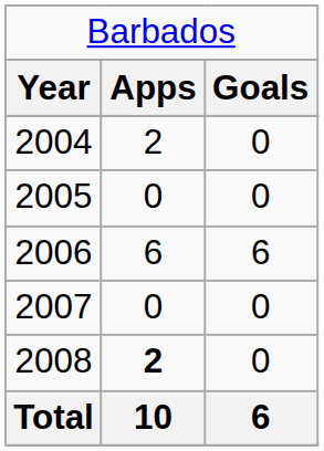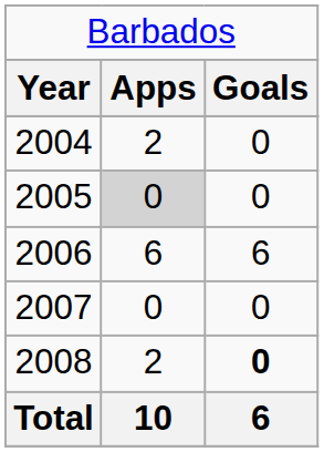 <table class="wikitable" style="text-align:center">
 <tr>
 <td colspan=3><a href='#'>Barbados</a></td>
 </tr>
 <tr>
 <th>Year</th>
 <th>Apps</th>
 <th>Goals</th>
 </tr>
 <tr>
 </tr>
 <tr>
 <td>2004</td>
 <td>2</td>
 <td>0</td>
 </tr>
 <tr>
 <td>2005</td>
-<td>0</td>
+<td style="background: lightgrey;">0</td>
 <td>0</td>
 </tr>
 <tr>
 <td>2006</td>
 <td>6</td>
 <td>6</td>
 </tr>
 <tr>
 <td>2007</td>
 <td>0</td>
 <td>0</td>
 </tr>
 <tr>
 <td>2008</td>
-<td><strong>2</strong></td>
-<td>0</td>
+<td>2</td>
+<td><strong>0</strong></td>
 </tr>
 <tr>
 <th>Total</th>
 <th>10</th>
 <th>6</th>
 </tr>
 <tr>
 </tr>
 </table>
